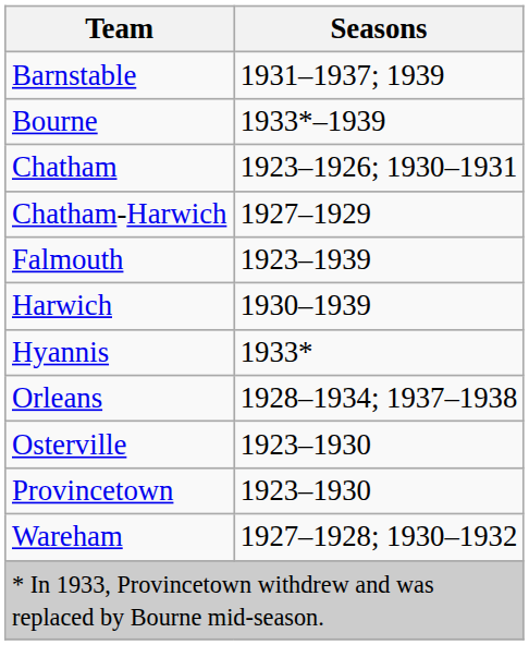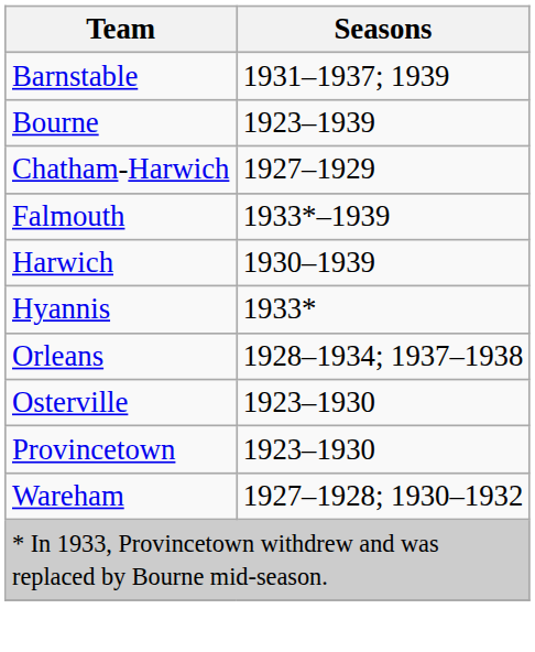 <table class="wikitable" style="display: inline-table; margin-right: 15px; text-align:left">
 <tr>
 <th>Team</th>
 <th>Seasons</th>
 </tr>
 <tr>
 <td><a href='#'>Barnstable</a></td>
 <td>1931–1937; 1939</td>
 </tr>
 <tr>
 <td><a href='#'>Bourne</a></td>
-<td>1933*–1939</td>
-</tr>
-<tr>
-<td><a href='#'>Chatham</a></td>
-<td>1923–1926; 1930–1931</td>
+<td>1923–1939</td>
 </tr>
 <tr>
 <td><a href='#'>Chatham</a>-<a href='#'>Harwich</a></td>
 <td>1927–1929</td>
 </tr>
 <tr>
 <td><a href='#'>Falmouth</a></td>
-<td>1923–1939</td>
+<td>1933*–1939</td>
 </tr>
 <tr>
 <td><a href='#'>Harwich</a></td>
 <td>1930–1939</td>
 </tr>
 <tr>
 <td><a href='#'>Hyannis</a></td>
 <td>1933*</td>
 </tr>
 <tr>
 <td><a href='#'>Orleans</a></td>
 <td>1928–1934; 1937–1938</td>
 </tr>
 <tr>
 <td><a href='#'>Osterville</a></td>
 <td>1923–1930</td>
 </tr>
 <tr>
 <td><a href='#'>Provincetown</a></td>
 <td>1923–1930</td>
 </tr>
 <tr>
 <td><a href='#'>Wareham</a></td>
 <td>1927–1928; 1930–1932</td>
 </tr>
 <tr>
 <td colspan="2" align="left" bgcolor=#cccccc><small>* In 1933, Provincetown withdrew and was<br>replaced by Bourne mid-season.</small></td>
 </tr>
 <tr>
 </tr>
 </table>
